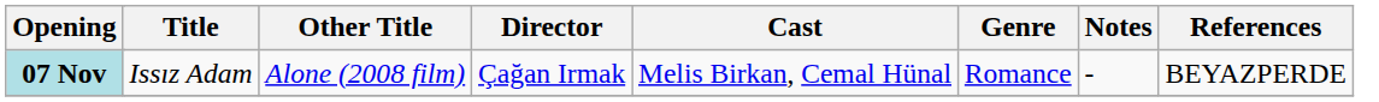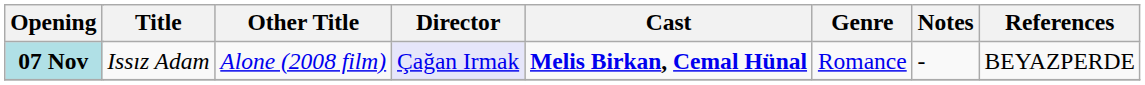 <table class="wikitable sortable">
 <tr>
 <th colspan="2"><strong>Opening</strong></th>
 <th><strong>Title</strong></th>
 <th><strong>Other Title</strong></th>
 <th><strong>Director</strong></th>
 <th><strong>Cast</strong></th>
 <th><strong>Genre</strong></th>
 <th><strong>Notes</strong></th>
 <th><strong>References</strong></th>
 </tr>
 <tr November!>
 <td colspan="2" rowspan="1" valign="center" align="center" style="background:#B0E0E6; textcolor:#000;"><strong>07 Nov</strong></td>
 <td><em>Issız Adam</em></td>
 <td><em><a href='#'>Alone (2008 film)</a></em></td>
-<td><a href='#'>Çağan Irmak</a></td>
-<td><a href='#'>Melis Birkan</a>, <a href='#'>Cemal Hünal</a></td>
+<td style="background: lavender;"><a href='#'>Çağan Irmak</a></td>
+<td><strong><a href='#'>Melis Birkan</a>, <a href='#'>Cemal Hünal</a></strong></td>
 <td><a href='#'>Romance</a></td>
 <td>-</td>
 <td>BEYAZPERDE</td>
 </tr>
 <tr>
 </tr>
 </table>
